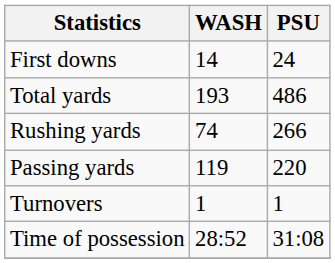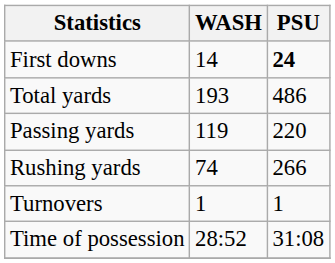 <table class="wikitable" style="float: left;">
 <tr>
 <th>Statistics</th>
 <th>WASH</th>
 <th>PSU</th>
 </tr>
 <tr>
 <td>First downs</td>
 <td>14</td>
-<td>24</td>
+<td><strong>24</strong></td>
 </tr>
 <tr>
 <td>Total yards</td>
 <td>193</td>
 <td>486</td>
 </tr>
 <tr>
+<td>Passing yards</td>
+<td>119</td>
+<td>220</td>
+</tr>
+<tr>
 <td>Rushing yards</td>
 <td>74</td>
 <td>266</td>
-</tr>
-<tr>
-<td>Passing yards</td>
-<td>119</td>
-<td>220</td>
 </tr>
 <tr>
 <td>Turnovers</td>
 <td>1</td>
 <td>1</td>
 </tr>
 <tr>
 <td>Time of possession</td>
 <td>28:52</td>
 <td>31:08</td>
 </tr>
 <tr>
 </tr>
 </table>
